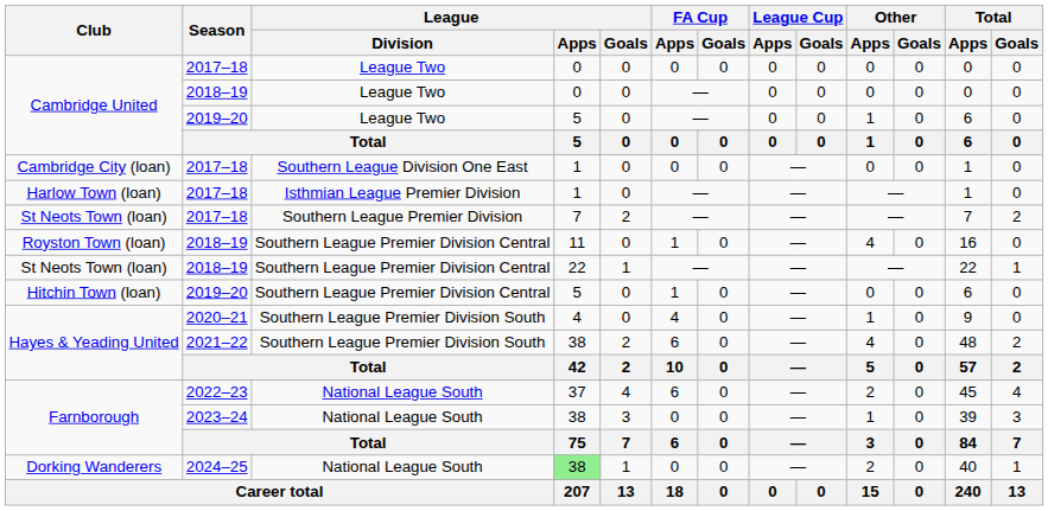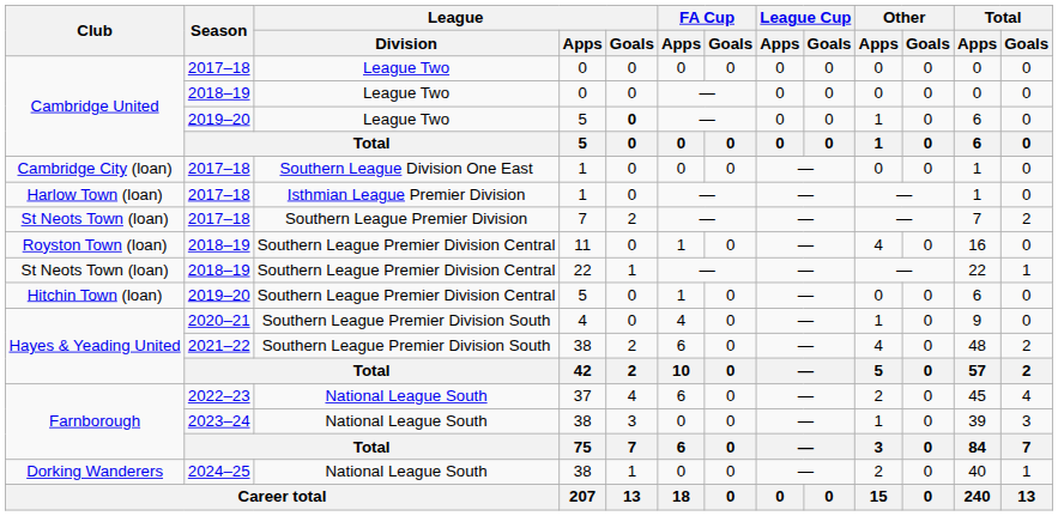 <table class="wikitable" style="text-align: center;">
 <tr>
 <th rowspan="2">Club</th>
 <th rowspan="2">Season</th>
 <th colspan="3">League</th>
 <th colspan="2"><a href='#'>FA Cup</a></th>
 <th colspan="2"><a href='#'>League Cup</a></th>
 <th colspan="2">Other</th>
 <th colspan="2">Total</th>
 </tr>
 <tr>
 <th>Division</th>
 <th>Apps</th>
 <th>Goals</th>
 <th>Apps</th>
 <th>Goals</th>
 <th>Apps</th>
 <th>Goals</th>
 <th>Apps</th>
 <th>Goals</th>
 <th>Apps</th>
 <th>Goals</th>
 </tr>
 <tr>
 <td rowspan="4" valign="center"><a href='#'>Cambridge United</a></td>
 <td><a href='#'>2017–18</a></td>
 <td><a href='#'>League Two</a></td>
 <td>0</td>
 <td>0</td>
 <td>0</td>
 <td>0</td>
 <td>0</td>
 <td>0</td>
 <td>0</td>
 <td>0</td>
 <td>0</td>
 <td>0</td>
 </tr>
 <tr>
 <td><a href='#'>2018–19</a></td>
 <td>League Two</td>
 <td>0</td>
 <td>0</td>
 <td colspan="2">—</td>
 <td>0</td>
 <td>0</td>
 <td>0</td>
 <td>0</td>
 <td>0</td>
 <td>0</td>
 </tr>
 <tr>
 <td><a href='#'>2019–20</a></td>
 <td>League Two</td>
 <td>5</td>
-<td>0</td>
+<td><strong>0</strong></td>
 <td colspan="2">—</td>
 <td>0</td>
 <td>0</td>
 <td>1</td>
 <td>0</td>
 <td>6</td>
 <td>0</td>
 </tr>
 <tr>
 <th colspan="2">Total</th>
 <th>5</th>
 <th>0</th>
 <th>0</th>
 <th>0</th>
 <th>0</th>
 <th>0</th>
 <th>1</th>
 <th>0</th>
 <th>6</th>
 <th>0</th>
 </tr>
 <tr>
 <td><a href='#'>Cambridge City</a> (loan)</td>
 <td><a href='#'>2017–18</a></td>
 <td><a href='#'>Southern League</a> Division One East</td>
 <td>1</td>
 <td>0</td>
 <td>0</td>
 <td>0</td>
 <td colspan="2">—</td>
 <td>0</td>
 <td>0</td>
 <td>1</td>
 <td>0</td>
 </tr>
 <tr>
 <td><a href='#'>Harlow Town</a> (loan)</td>
 <td><a href='#'>2017–18</a></td>
 <td><a href='#'>Isthmian League</a> Premier Division</td>
 <td>1</td>
 <td>0</td>
 <td colspan="2">—</td>
 <td colspan="2">—</td>
 <td colspan="2">—</td>
 <td>1</td>
 <td>0</td>
 </tr>
 <tr>
 <td><a href='#'>St Neots Town</a> (loan)</td>
 <td><a href='#'>2017–18</a></td>
 <td>Southern League Premier Division</td>
 <td>7</td>
 <td>2</td>
 <td colspan="2">—</td>
 <td colspan="2">—</td>
 <td colspan="2">—</td>
 <td>7</td>
 <td>2</td>
 </tr>
 <tr>
 <td><a href='#'>Royston Town</a> (loan)</td>
 <td><a href='#'>2018–19</a></td>
 <td>Southern League Premier Division Central</td>
 <td>11</td>
 <td>0</td>
 <td>1</td>
 <td>0</td>
 <td colspan="2">—</td>
 <td>4</td>
 <td>0</td>
 <td>16</td>
 <td>0</td>
 </tr>
 <tr>
 <td>St Neots Town (loan)</td>
 <td><a href='#'>2018–19</a></td>
 <td>Southern League Premier Division Central</td>
 <td>22</td>
 <td>1</td>
 <td colspan="2">—</td>
 <td colspan="2">—</td>
 <td colspan="2">—</td>
 <td>22</td>
 <td>1</td>
 </tr>
 <tr>
 <td><a href='#'>Hitchin Town</a> (loan)</td>
 <td><a href='#'>2019–20</a></td>
 <td>Southern League Premier Division Central</td>
 <td>5</td>
 <td>0</td>
 <td>1</td>
 <td>0</td>
 <td colspan="2">—</td>
 <td>0</td>
 <td>0</td>
 <td>6</td>
 <td>0</td>
 </tr>
 <tr>
 <td rowspan="3"><a href='#'>Hayes & Yeading United</a></td>
 <td><a href='#'>2020–21</a></td>
 <td>Southern League Premier Division South</td>
 <td>4</td>
 <td>0</td>
 <td>4</td>
 <td>0</td>
 <td colspan="2">—</td>
 <td>1</td>
 <td>0</td>
 <td>9</td>
 <td>0</td>
 </tr>
 <tr>
 <td><a href='#'>2021–22</a></td>
 <td>Southern League Premier Division South</td>
 <td>38</td>
 <td>2</td>
 <td>6</td>
 <td>0</td>
 <td colspan="2">—</td>
 <td>4</td>
 <td>0</td>
 <td>48</td>
 <td>2</td>
 </tr>
 <tr>
 <th colspan="2">Total</th>
 <th>42</th>
 <th>2</th>
 <th>10</th>
 <th>0</th>
 <th colspan="2">—</th>
 <th>5</th>
 <th>0</th>
 <th>57</th>
 <th>2</th>
 </tr>
 <tr>
 <td rowspan="3"><a href='#'>Farnborough</a></td>
 <td><a href='#'>2022–23</a></td>
 <td><a href='#'>National League South</a></td>
 <td>37</td>
 <td>4</td>
 <td>6</td>
 <td>0</td>
 <td colspan="2">—</td>
 <td>2</td>
 <td>0</td>
 <td>45</td>
 <td>4</td>
 </tr>
 <tr>
 <td><a href='#'>2023–24</a></td>
 <td>National League South</td>
 <td>38</td>
 <td>3</td>
 <td>0</td>
 <td>0</td>
 <td colspan="2">—</td>
 <td>1</td>
 <td>0</td>
 <td>39</td>
 <td>3</td>
 </tr>
 <tr>
 <th colspan="2">Total</th>
 <th>75</th>
 <th>7</th>
 <th>6</th>
 <th>0</th>
 <th colspan="2">—</th>
 <th>3</th>
 <th>0</th>
 <th>84</th>
 <th>7</th>
 </tr>
 <tr>
 <td><a href='#'>Dorking Wanderers</a></td>
 <td><a href='#'>2024–25</a></td>
 <td>National League South</td>
-<td style="background: lightgreen;">38</td>
+<td>38</td>
 <td>1</td>
 <td>0</td>
 <td>0</td>
 <td colspan="2">—</td>
 <td>2</td>
 <td>0</td>
 <td>40</td>
 <td>1</td>
 </tr>
 <tr>
 <th colspan="3">Career total</th>
 <th>207</th>
 <th>13</th>
 <th>18</th>
 <th>0</th>
 <th>0</th>
 <th>0</th>
 <th>15</th>
 <th>0</th>
 <th>240</th>
 <th>13</th>
 </tr>
 </table>
